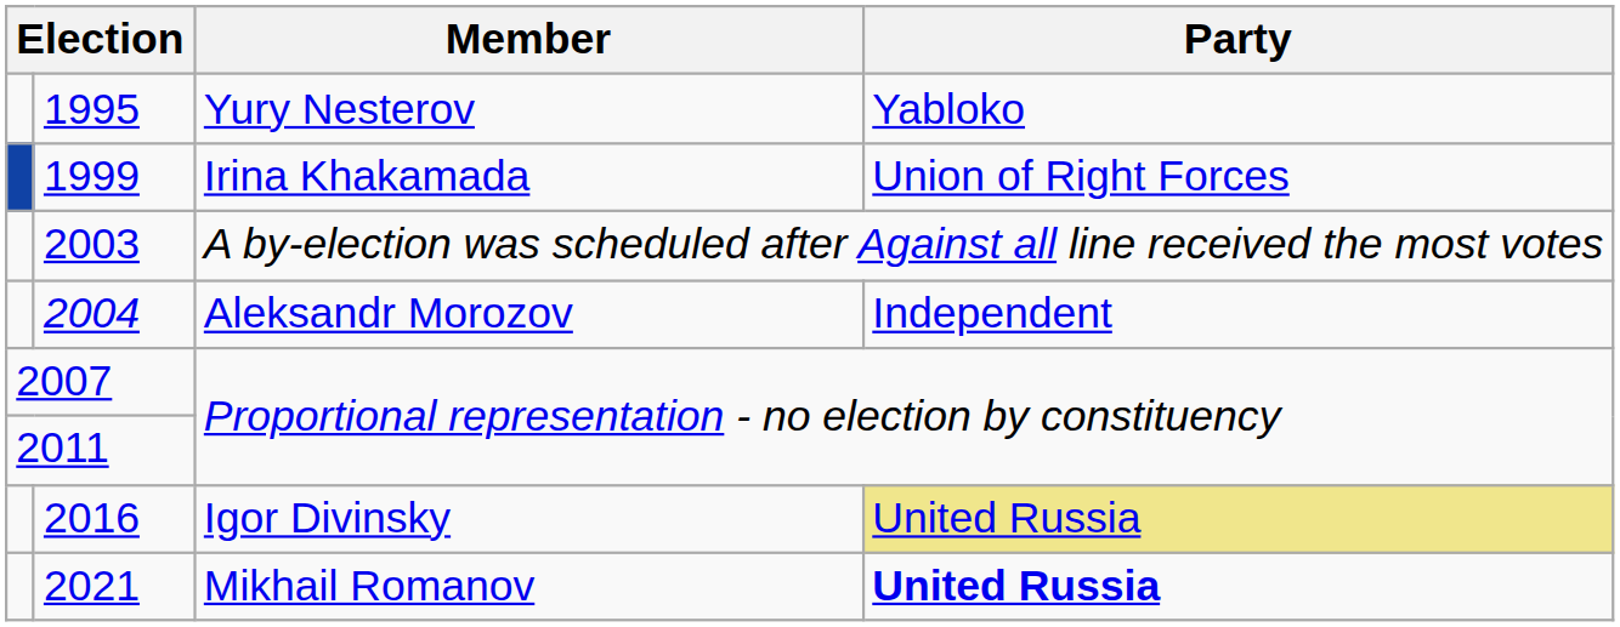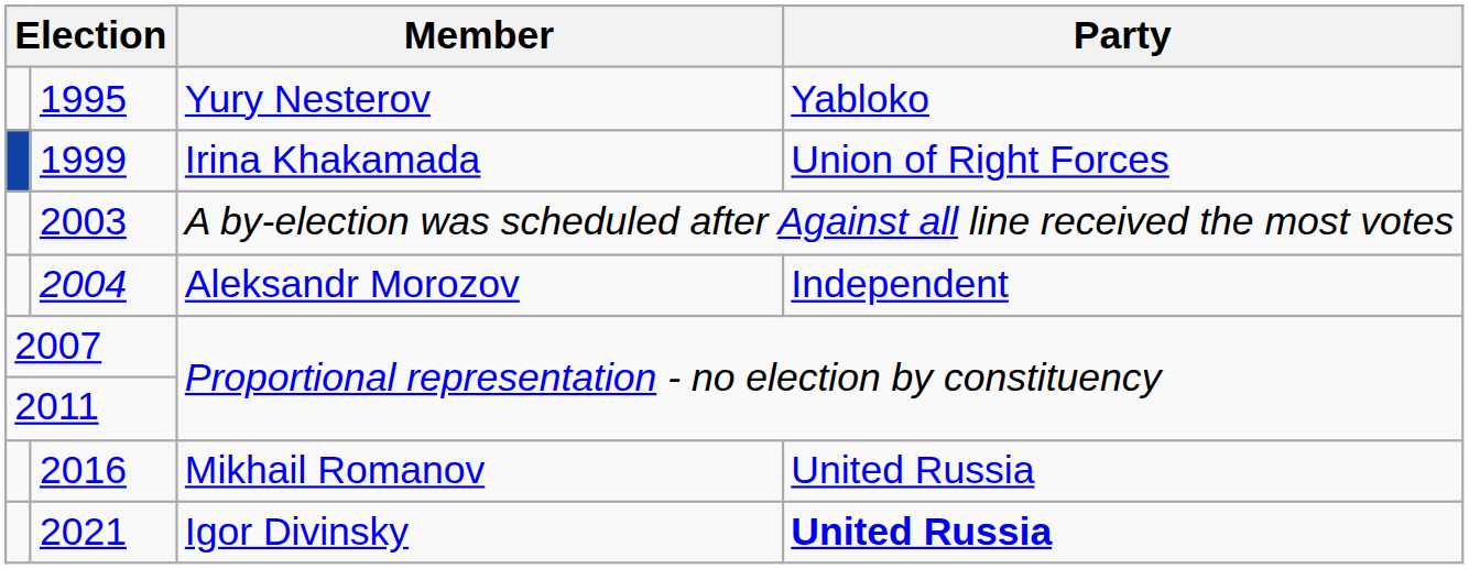 <table class="wikitable">
 <tr>
 <th colspan="2">Election</th>
 <th>Member</th>
 <th>Party</th>
 </tr>
 <tr>
 <td style="background-color:"></td>
 <td><a href='#'>1995</a></td>
 <td><a href='#'>Yury Nesterov</a></td>
 <td><a href='#'>Yabloko</a></td>
 </tr>
 <tr>
 <td style="background-color:#1042A5"></td>
 <td><a href='#'>1999</a></td>
 <td><a href='#'>Irina Khakamada</a></td>
 <td><a href='#'>Union of Right Forces</a></td>
 </tr>
 <tr>
 <td style="background-color:"></td>
 <td><a href='#'>2003</a></td>
 <td colspan=2><em>A by-election was scheduled after <a href='#'>Against all</a> line received the most votes</em></td>
 </tr>
 <tr>
 <td style="background-color:"></td>
 <td><em><a href='#'>2004</a></em></td>
 <td><a href='#'>Aleksandr Morozov</a></td>
 <td><a href='#'>Independent</a></td>
 </tr>
 <tr>
 <td colspan=2><a href='#'>2007</a></td>
 <td colspan=2 rowspan=2><em><a href='#'>Proportional representation</a> - no election by constituency</em></td>
 </tr>
 <tr>
 <td colspan=2><a href='#'>2011</a></td>
 </tr>
 <tr>
 <td style="background-color: "></td>
 <td><a href='#'>2016</a></td>
-<td><a href='#'>Igor Divinsky</a></td>
-<td style="background: khaki;"><a href='#'>United Russia</a></td>
+<td><a href='#'>Mikhail Romanov</a></td>
+<td><a href='#'>United Russia</a></td>
 </tr>
 <tr>
 <td style="background-color: "></td>
 <td><a href='#'>2021</a></td>
-<td><a href='#'>Mikhail Romanov</a></td>
+<td><a href='#'>Igor Divinsky</a></td>
 <td><strong><a href='#'>United Russia</a></strong></td>
 </tr>
 </table>
